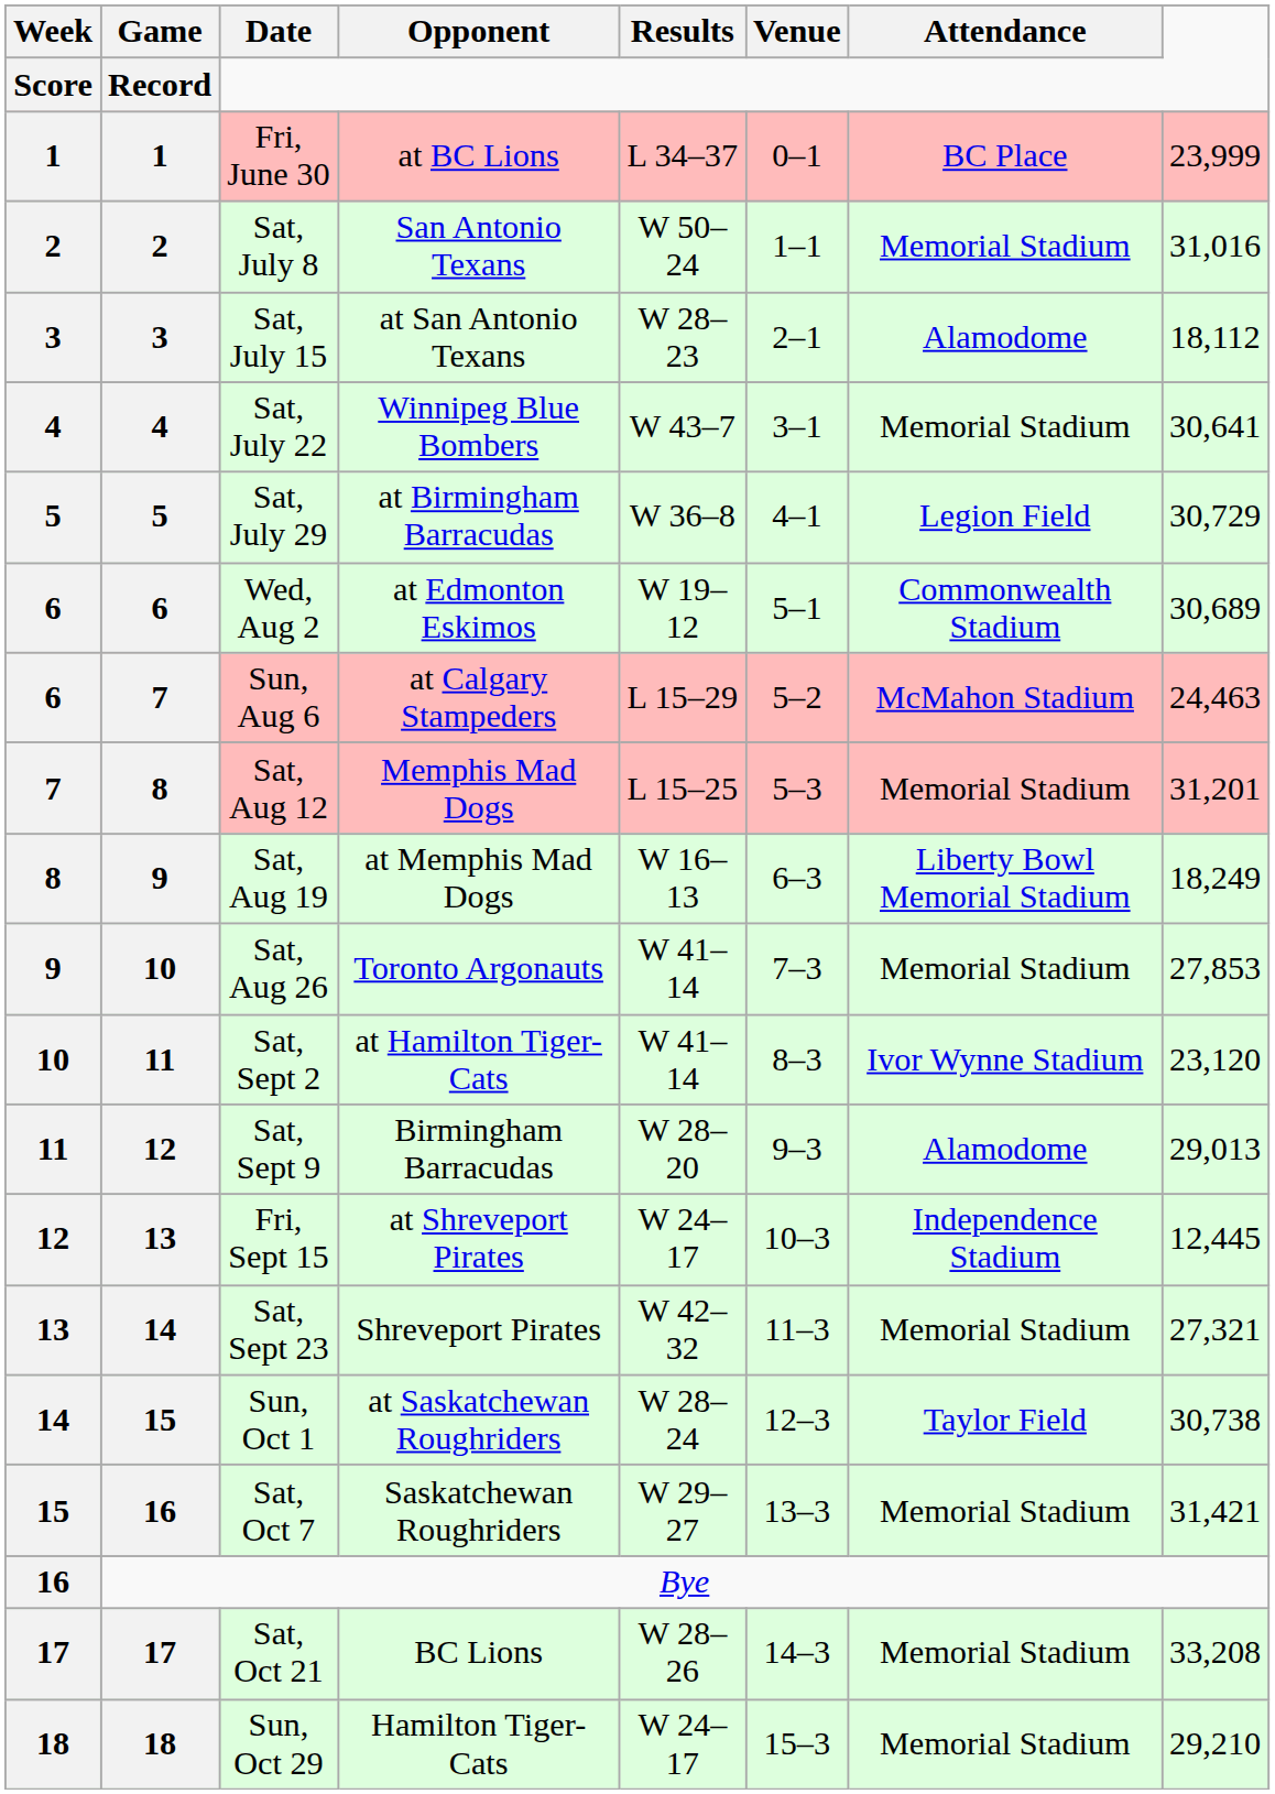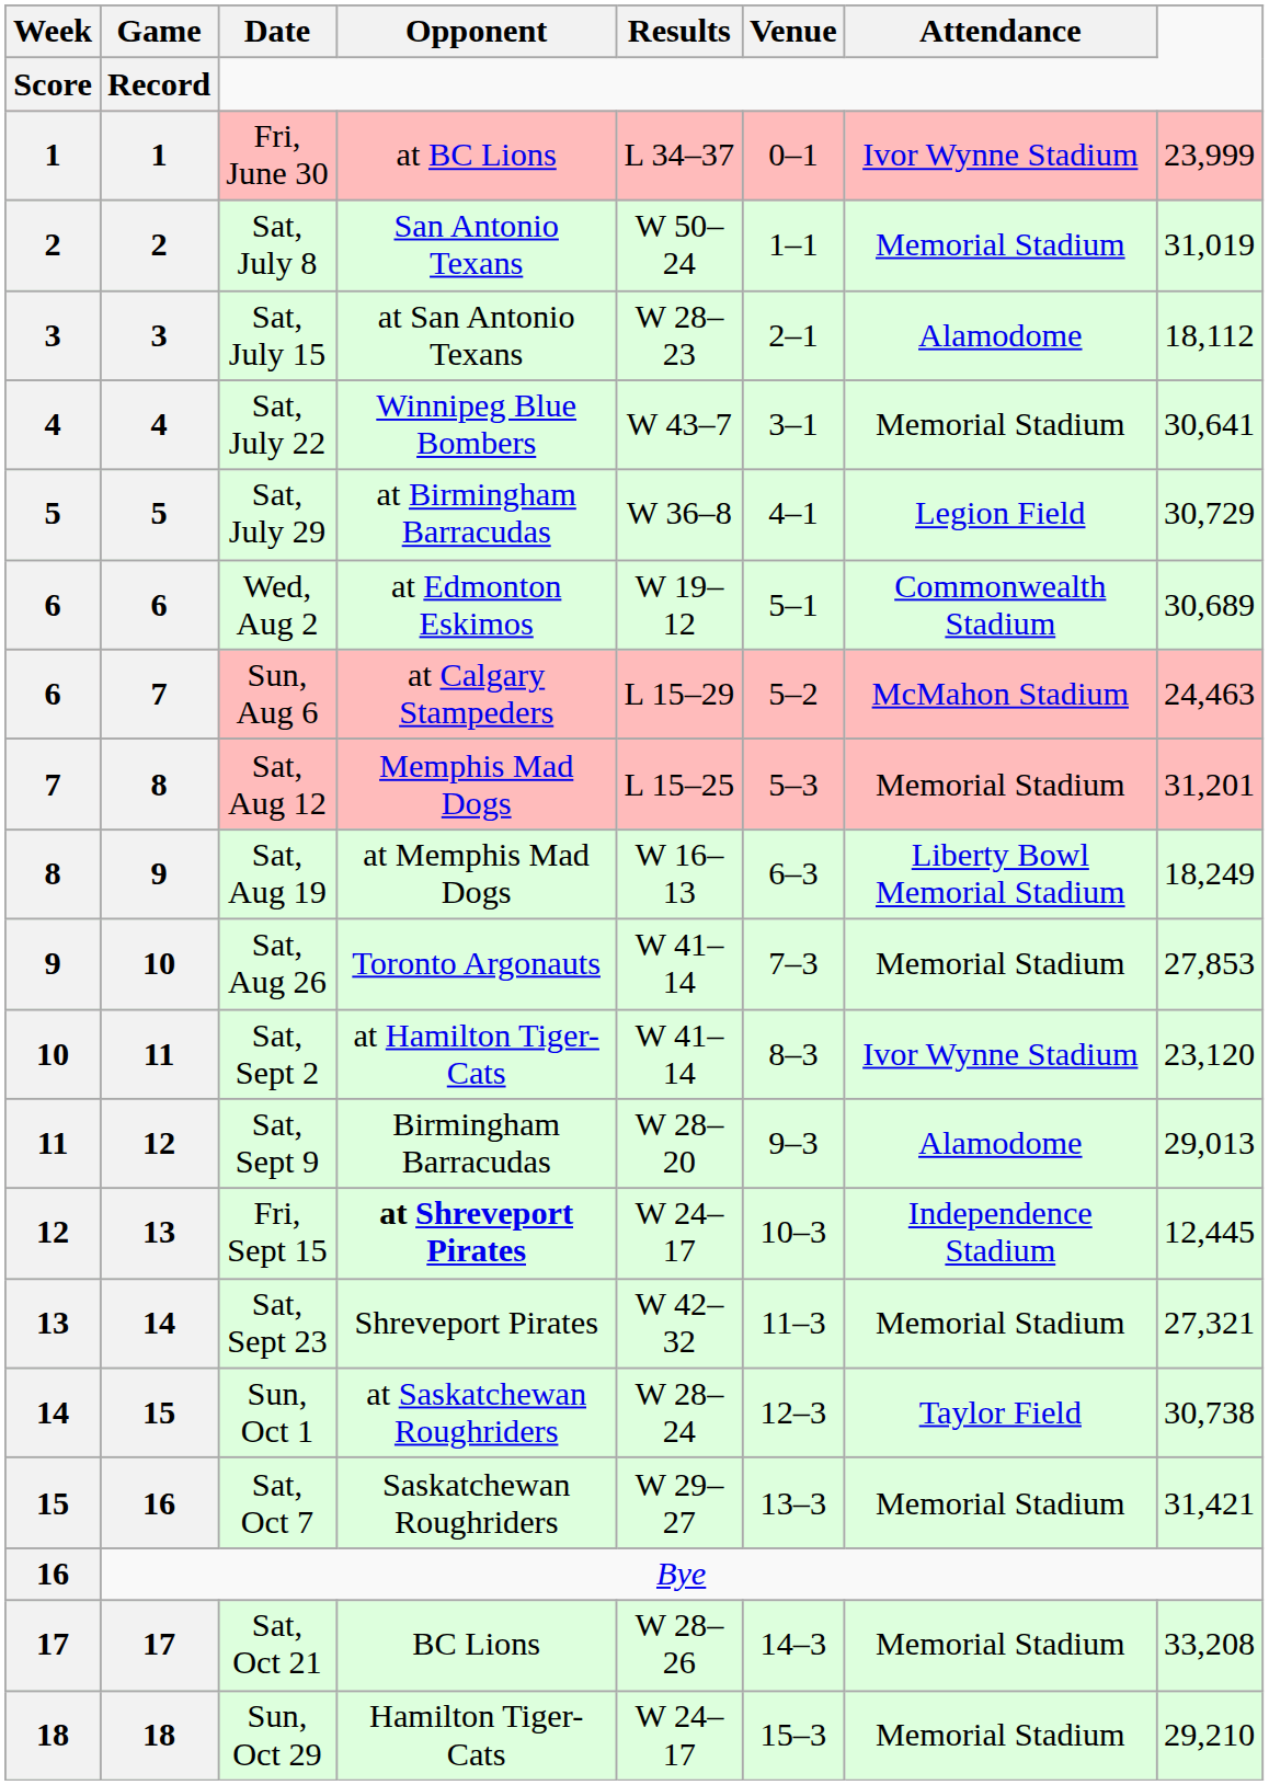 <table class="wikitable" style="text-align:center">
 <tr>
 <th>Week</th>
 <th>Game</th>
 <th>Date</th>
 <th>Opponent</th>
 <th>Results</th>
 <th>Venue</th>
 <th>Attendance</th>
 </tr>
 <tr>
 <th>Score</th>
 <th>Record</th>
 </tr>
 <tr style="background:#ffbbbb">
 <th>1</th>
 <th>1</th>
 <td>Fri, June 30</td>
 <td>at <a href='#'>BC Lions</a></td>
 <td>L 34–37</td>
 <td>0–1</td>
-<td><a href='#'>BC Place</a></td>
+<td><a href='#'>Ivor Wynne Stadium</a></td>
 <td>23,999</td>
 </tr>
 <tr style="background:#ddffdd">
 <th>2</th>
 <th>2</th>
 <td>Sat, July 8</td>
 <td><a href='#'>San Antonio Texans</a></td>
 <td>W 50–24</td>
 <td>1–1</td>
 <td><a href='#'>Memorial Stadium</a></td>
-<td>31,016</td>
+<td>31,019</td>
 </tr>
 <tr style="background:#ddffdd">
 <th>3</th>
 <th>3</th>
 <td>Sat, July 15</td>
 <td>at San Antonio Texans</td>
 <td>W 28–23</td>
 <td>2–1</td>
 <td><a href='#'>Alamodome</a></td>
 <td>18,112</td>
 </tr>
 <tr style="background:#ddffdd">
 <th>4</th>
 <th>4</th>
 <td>Sat, July 22</td>
 <td><a href='#'>Winnipeg Blue Bombers</a></td>
 <td>W 43–7</td>
 <td>3–1</td>
 <td>Memorial Stadium</td>
 <td>30,641</td>
 </tr>
 <tr style="background:#ddffdd">
 <th>5</th>
 <th>5</th>
 <td>Sat, July 29</td>
 <td>at <a href='#'>Birmingham Barracudas</a></td>
 <td>W 36–8</td>
 <td>4–1</td>
 <td><a href='#'>Legion Field</a></td>
 <td>30,729</td>
 </tr>
 <tr style="background:#ddffdd">
 <th>6</th>
 <th>6</th>
 <td>Wed, Aug 2</td>
 <td>at <a href='#'>Edmonton Eskimos</a></td>
 <td>W 19–12</td>
 <td>5–1</td>
 <td><a href='#'>Commonwealth Stadium</a></td>
 <td>30,689</td>
 </tr>
 <tr style="background:#ffbbbb">
 <th>6</th>
 <th>7</th>
 <td>Sun, Aug 6</td>
 <td>at <a href='#'>Calgary Stampeders</a></td>
 <td>L 15–29</td>
 <td>5–2</td>
 <td><a href='#'>McMahon Stadium</a></td>
 <td>24,463</td>
 </tr>
 <tr style="background:#ffbbbb">
 <th>7</th>
 <th>8</th>
 <td>Sat, Aug 12</td>
 <td><a href='#'>Memphis Mad Dogs</a></td>
 <td>L 15–25</td>
 <td>5–3</td>
 <td>Memorial Stadium</td>
 <td>31,201</td>
 </tr>
 <tr style="background:#ddffdd">
 <th>8</th>
 <th>9</th>
 <td>Sat, Aug 19</td>
 <td>at Memphis Mad Dogs</td>
 <td>W 16–13</td>
 <td>6–3</td>
 <td><a href='#'>Liberty Bowl Memorial Stadium</a></td>
 <td>18,249</td>
 </tr>
 <tr style="background:#ddffdd">
 <th>9</th>
 <th>10</th>
 <td>Sat, Aug 26</td>
 <td><a href='#'>Toronto Argonauts</a></td>
 <td>W 41–14</td>
 <td>7–3</td>
 <td>Memorial Stadium</td>
 <td>27,853</td>
 </tr>
 <tr style="background:#ddffdd">
 <th>10</th>
 <th>11</th>
 <td>Sat, Sept 2</td>
 <td>at <a href='#'>Hamilton Tiger-Cats</a></td>
 <td>W 41–14</td>
 <td>8–3</td>
 <td><a href='#'>Ivor Wynne Stadium</a></td>
 <td>23,120</td>
 </tr>
 <tr style="background:#ddffdd">
 <th>11</th>
 <th>12</th>
 <td>Sat, Sept 9</td>
 <td>Birmingham Barracudas</td>
 <td>W 28–20</td>
 <td>9–3</td>
 <td><a href='#'>Alamodome</a></td>
 <td>29,013</td>
 </tr>
 <tr style="background:#ddffdd">
 <th>12</th>
 <th>13</th>
 <td>Fri, Sept 15</td>
-<td>at <a href='#'>Shreveport Pirates</a></td>
+<td><strong>at <a href='#'>Shreveport Pirates</a></strong></td>
 <td>W 24–17</td>
 <td>10–3</td>
 <td><a href='#'>Independence Stadium</a></td>
 <td>12,445</td>
 </tr>
 <tr style="background:#ddffdd">
 <th>13</th>
 <th>14</th>
 <td>Sat, Sept 23</td>
 <td>Shreveport Pirates</td>
 <td>W 42–32</td>
 <td>11–3</td>
 <td>Memorial Stadium</td>
 <td>27,321</td>
 </tr>
 <tr style="background:#ddffdd">
 <th>14</th>
 <th>15</th>
 <td>Sun, Oct 1</td>
 <td>at <a href='#'>Saskatchewan Roughriders</a></td>
 <td>W 28–24</td>
 <td>12–3</td>
 <td><a href='#'>Taylor Field</a></td>
 <td>30,738</td>
 </tr>
 <tr style="background:#ddffdd">
 <th>15</th>
 <th>16</th>
 <td>Sat, Oct 7</td>
 <td>Saskatchewan Roughriders</td>
 <td>W 29–27</td>
 <td>13–3</td>
 <td>Memorial Stadium</td>
 <td>31,421</td>
 </tr>
 <tr>
 <th>16</th>
 <td colspan=7><em><a href='#'>Bye</a></em></td>
 </tr>
 <tr style="background:#ddffdd">
 <th>17</th>
 <th>17</th>
 <td>Sat, Oct 21</td>
 <td>BC Lions</td>
 <td>W 28–26</td>
 <td>14–3</td>
 <td>Memorial Stadium</td>
 <td>33,208</td>
 </tr>
 <tr style="background:#ddffdd">
 <th>18</th>
 <th>18</th>
 <td>Sun, Oct 29</td>
 <td>Hamilton Tiger-Cats</td>
 <td>W 24–17</td>
 <td>15–3</td>
 <td>Memorial Stadium</td>
 <td>29,210</td>
 </tr>
 </table>
